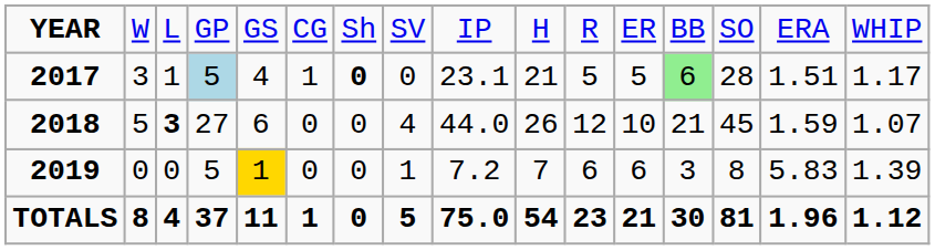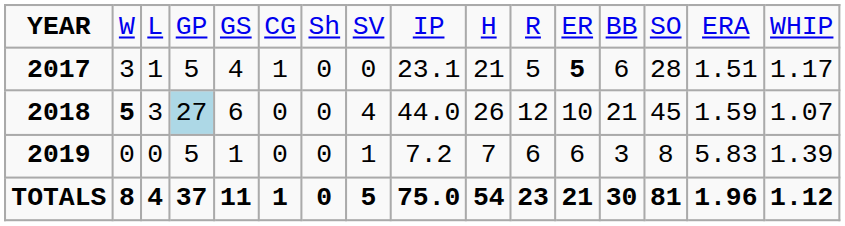 <table class="wikitable">
 <tr align=center>
 <td><strong>YEAR</strong></td>
 <td><a href='#'>W</a></td>
 <td><a href='#'>L</a></td>
 <td><a href='#'>GP</a></td>
 <td><a href='#'>GS</a></td>
 <td><a href='#'>CG</a></td>
 <td><a href='#'>Sh</a></td>
 <td><a href='#'>SV</a></td>
 <td><a href='#'>IP</a></td>
 <td><a href='#'>H</a></td>
 <td><a href='#'>R</a></td>
 <td><a href='#'>ER</a></td>
 <td><a href='#'>BB</a></td>
 <td><a href='#'>SO</a></td>
 <td><a href='#'>ERA</a></td>
 <td><a href='#'>WHIP</a></td>
 </tr>
 <tr align=center>
 <td><strong>2017</strong></td>
 <td>3</td>
 <td>1</td>
-<td style="background: lightblue;">5</td>
+<td>5</td>
 <td>4</td>
 <td>1</td>
-<td><strong>0</strong></td>
+<td>0</td>
 <td>0</td>
 <td>23.1</td>
 <td>21</td>
 <td>5</td>
-<td>5</td>
-<td style="background: lightgreen;">6</td>
+<td><strong>5</strong></td>
+<td>6</td>
 <td>28</td>
 <td>1.51</td>
 <td>1.17</td>
 </tr>
 <tr align=center>
 <td><strong>2018</strong></td>
-<td>5</td>
-<td><strong>3</strong></td>
-<td>27</td>
+<td><strong>5</strong></td>
+<td>3</td>
+<td style="background: lightblue;">27</td>
 <td>6</td>
 <td>0</td>
 <td>0</td>
 <td>4</td>
 <td>44.0</td>
 <td>26</td>
 <td>12</td>
 <td>10</td>
 <td>21</td>
 <td>45</td>
 <td>1.59</td>
 <td>1.07</td>
 </tr>
 <tr align=center>
 <td><strong>2019</strong></td>
 <td>0</td>
 <td>0</td>
 <td>5</td>
-<td style="background: gold;">1</td>
+<td>1</td>
 <td>0</td>
 <td>0</td>
 <td>1</td>
 <td>7.2</td>
 <td>7</td>
 <td>6</td>
 <td>6</td>
 <td>3</td>
 <td>8</td>
 <td>5.83</td>
 <td>1.39</td>
 </tr>
 <tr align=center>
 <td><strong>TOTALS</strong></td>
 <td><strong>8</strong></td>
 <td><strong>4</strong></td>
 <td><strong>37</strong></td>
 <td><strong>11</strong></td>
 <td><strong>1</strong></td>
 <td><strong>0</strong></td>
 <td><strong>5</strong></td>
 <td><strong>75.0</strong></td>
 <td><strong>54</strong></td>
 <td><strong>23</strong></td>
 <td><strong>21</strong></td>
 <td><strong>30</strong></td>
 <td><strong>81</strong></td>
 <td><strong>1.96</strong></td>
 <td><strong>1.12</strong></td>
 </tr>
 </table>
